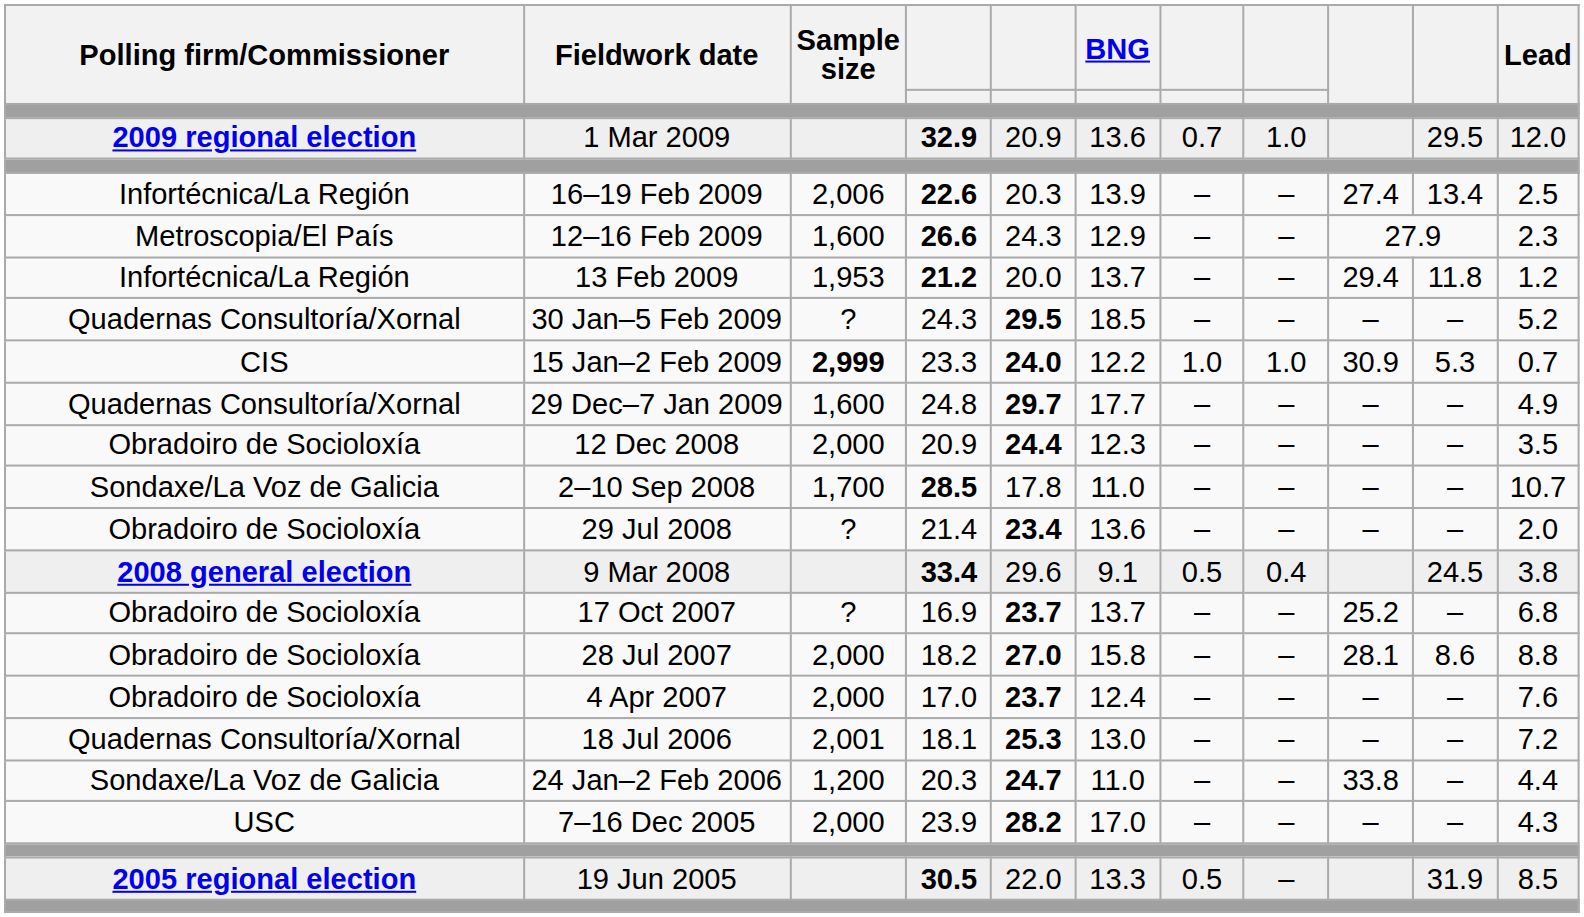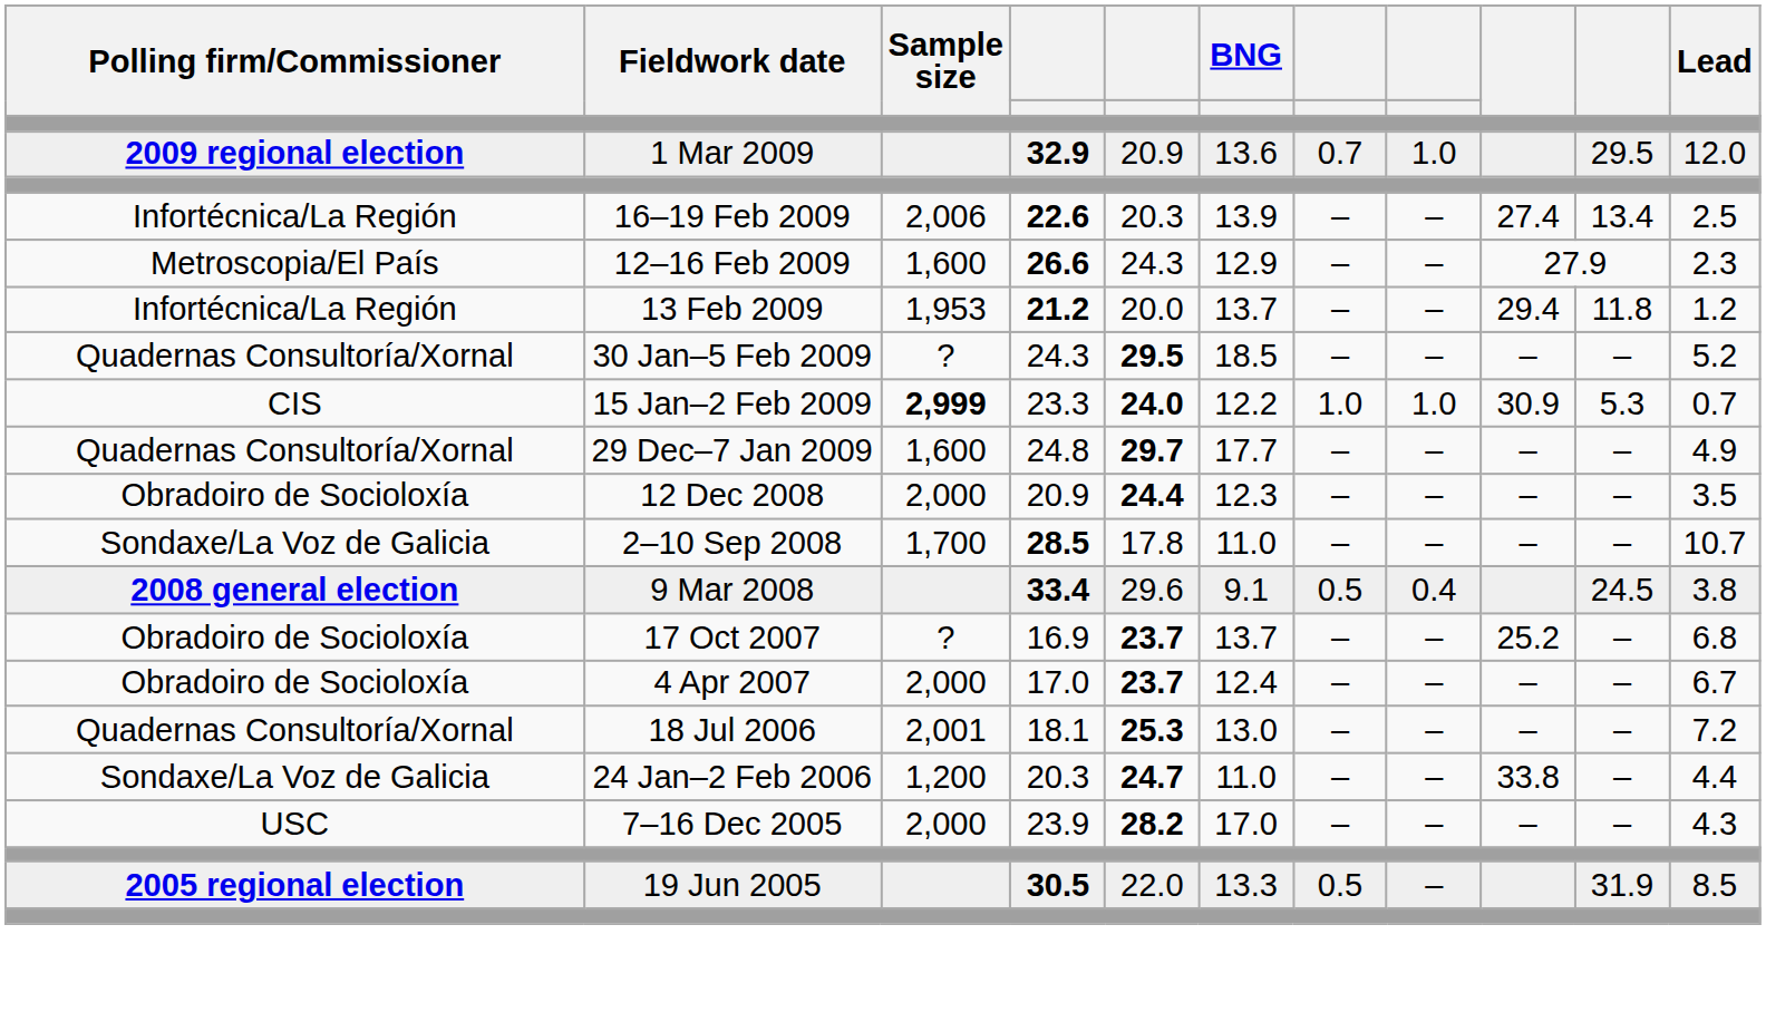 <table class="wikitable collapsible collapsed" style="text-align:center; font-size:90%; line-height:14px;">
 <tr style="height:42px;">
 <th style="width:250px;" rowspan="2">Polling firm/Commissioner</th>
 <th style="width:125px;" rowspan="2">Fieldwork date</th>
 <th style="width:50px;" rowspan="2">Sample size</th>
 <th style="width:35px;"></th>
 <th style="width:35px;"></th>
 <th style="width:35px;"><a href='#'>BNG</a></th>
 <th style="width:35px;"></th>
 <th style="width:35px;"></th>
 <th style="width:35px;" rowspan="2"></th>
 <th style="width:35px;" rowspan="2"></th>
 <th style="width:30px;" rowspan="2">Lead</th>
 </tr>
 <tr>
 <th style="color:inherit;background:"></th>
 <th style="color:inherit;background:"></th>
 <th style="color:inherit;background:"></th>
 <th style="color:inherit;background:"></th>
 <th style="color:inherit;background:"></th>
 </tr>
 <tr>
 <td colspan="11" style="background:#A0A0A0"></td>
 </tr>
 <tr style="background:#EFEFEF;">
 <td><strong><a href='#'>2009 regional election</a></strong></td>
 <td>1 Mar 2009</td>
 <td></td>
 <td><strong>32.9</strong></td>
 <td>20.9</td>
 <td>13.6</td>
 <td>0.7</td>
 <td>1.0</td>
 <td></td>
 <td>29.5</td>
 <td style="background:">12.0</td>
 </tr>
 <tr>
 <td colspan="11" style="background:#A0A0A0"></td>
 </tr>
 <tr>
 <td>Infortécnica/La Región</td>
 <td>16–19 Feb 2009</td>
 <td>2,006</td>
 <td><strong>22.6</strong></td>
 <td>20.3</td>
 <td>13.9</td>
 <td>–</td>
 <td>–</td>
 <td>27.4</td>
 <td>13.4</td>
 <td style="background:">2.5</td>
 </tr>
 <tr>
 <td>Metroscopia/El País</td>
 <td>12–16 Feb 2009</td>
 <td>1,600</td>
 <td><strong>26.6</strong></td>
 <td>24.3</td>
 <td>12.9</td>
 <td>–</td>
 <td>–</td>
 <td colspan="2">27.9</td>
 <td style="background:">2.3</td>
 </tr>
 <tr>
 <td>Infortécnica/La Región</td>
 <td>13 Feb 2009</td>
 <td>1,953</td>
 <td><strong>21.2</strong></td>
 <td>20.0</td>
 <td>13.7</td>
 <td>–</td>
 <td>–</td>
 <td>29.4</td>
 <td>11.8</td>
 <td style="background:">1.2</td>
 </tr>
 <tr>
 <td>Quadernas Consultoría/Xornal</td>
 <td>30 Jan–5 Feb 2009</td>
 <td>?</td>
 <td>24.3</td>
 <td><strong>29.5</strong></td>
 <td>18.5</td>
 <td>–</td>
 <td>–</td>
 <td>–</td>
 <td>–</td>
 <td style="background:">5.2</td>
 </tr>
 <tr>
 <td>CIS</td>
 <td>15 Jan–2 Feb 2009</td>
 <td><strong>2,999</strong></td>
 <td>23.3</td>
 <td><strong>24.0</strong></td>
 <td>12.2</td>
 <td>1.0</td>
 <td>1.0</td>
 <td>30.9</td>
 <td>5.3</td>
 <td style="background:">0.7</td>
 </tr>
 <tr>
 <td>Quadernas Consultoría/Xornal</td>
 <td>29 Dec–7 Jan 2009</td>
 <td>1,600</td>
 <td>24.8</td>
 <td><strong>29.7</strong></td>
 <td>17.7</td>
 <td>–</td>
 <td>–</td>
 <td>–</td>
 <td>–</td>
 <td style="background:">4.9</td>
 </tr>
 <tr>
 <td>Obradoiro de Socioloxía</td>
 <td>12 Dec 2008</td>
 <td>2,000</td>
 <td>20.9</td>
 <td><strong>24.4</strong></td>
 <td>12.3</td>
 <td>–</td>
 <td>–</td>
 <td>–</td>
 <td>–</td>
 <td style="background:">3.5</td>
 </tr>
 <tr>
 <td>Sondaxe/La Voz de Galicia</td>
 <td>2–10 Sep 2008</td>
 <td>1,700</td>
 <td><strong>28.5</strong></td>
 <td>17.8</td>
 <td>11.0</td>
 <td>–</td>
 <td>–</td>
 <td>–</td>
 <td>–</td>
 <td style="background:">10.7</td>
 </tr>
-<tr>
-<td>Obradoiro de Socioloxía</td>
-<td>29 Jul 2008</td>
-<td>?</td>
-<td>21.4</td>
-<td><strong>23.4</strong></td>
-<td>13.6</td>
-<td>–</td>
-<td>–</td>
-<td>–</td>
-<td>–</td>
-<td style="background:">2.0</td>
-</tr>
 <tr style="background:#EFEFEF;">
 <td><strong><a href='#'>2008 general election</a></strong></td>
 <td>9 Mar 2008</td>
 <td></td>
 <td><strong>33.4</strong></td>
 <td>29.6</td>
 <td>9.1</td>
 <td>0.5</td>
 <td>0.4</td>
 <td></td>
 <td>24.5</td>
 <td style="background:">3.8</td>
 </tr>
 <tr>
 <td>Obradoiro de Socioloxía</td>
 <td>17 Oct 2007</td>
 <td>?</td>
 <td>16.9</td>
 <td><strong>23.7</strong></td>
 <td>13.7</td>
 <td>–</td>
 <td>–</td>
 <td>25.2</td>
 <td>–</td>
 <td style="background:">6.8</td>
 </tr>
 <tr>
 <td>Obradoiro de Socioloxía</td>
-<td>28 Jul 2007</td>
-<td>2,000</td>
-<td>18.2</td>
-<td><strong>27.0</strong></td>
-<td>15.8</td>
-<td>–</td>
-<td>–</td>
-<td>28.1</td>
-<td>8.6</td>
-<td style="background:">8.8</td>
-</tr>
-<tr>
-<td>Obradoiro de Socioloxía</td>
 <td>4 Apr 2007</td>
 <td>2,000</td>
 <td>17.0</td>
 <td><strong>23.7</strong></td>
 <td>12.4</td>
 <td>–</td>
 <td>–</td>
 <td>–</td>
 <td>–</td>
-<td style="background:">7.6</td>
+<td style="background:">6.7</td>
 </tr>
 <tr>
 <td>Quadernas Consultoría/Xornal</td>
 <td>18 Jul 2006</td>
 <td>2,001</td>
 <td>18.1</td>
 <td><strong>25.3</strong></td>
 <td>13.0</td>
 <td>–</td>
 <td>–</td>
 <td>–</td>
 <td>–</td>
 <td style="background:">7.2</td>
 </tr>
 <tr>
 <td>Sondaxe/La Voz de Galicia</td>
 <td>24 Jan–2 Feb 2006</td>
 <td>1,200</td>
 <td>20.3</td>
 <td><strong>24.7</strong></td>
 <td>11.0</td>
 <td>–</td>
 <td>–</td>
 <td>33.8</td>
 <td>–</td>
 <td style="background:">4.4</td>
 </tr>
 <tr>
 <td>USC</td>
 <td>7–16 Dec 2005</td>
 <td>2,000</td>
 <td>23.9</td>
 <td><strong>28.2</strong></td>
 <td>17.0</td>
 <td>–</td>
 <td>–</td>
 <td>–</td>
 <td>–</td>
 <td style="background:">4.3</td>
 </tr>
 <tr>
 <td colspan="11" style="background:#A0A0A0"></td>
 </tr>
 <tr style="background:#EFEFEF;">
 <td><strong><a href='#'>2005 regional election</a></strong></td>
 <td>19 Jun 2005</td>
 <td></td>
 <td><strong>30.5</strong></td>
 <td>22.0</td>
 <td>13.3</td>
 <td>0.5</td>
 <td>–</td>
 <td></td>
 <td>31.9</td>
 <td style="background:">8.5</td>
 </tr>
 <tr>
 <td colspan="11" style="background:#A0A0A0"></td>
 </tr>
 </table>
